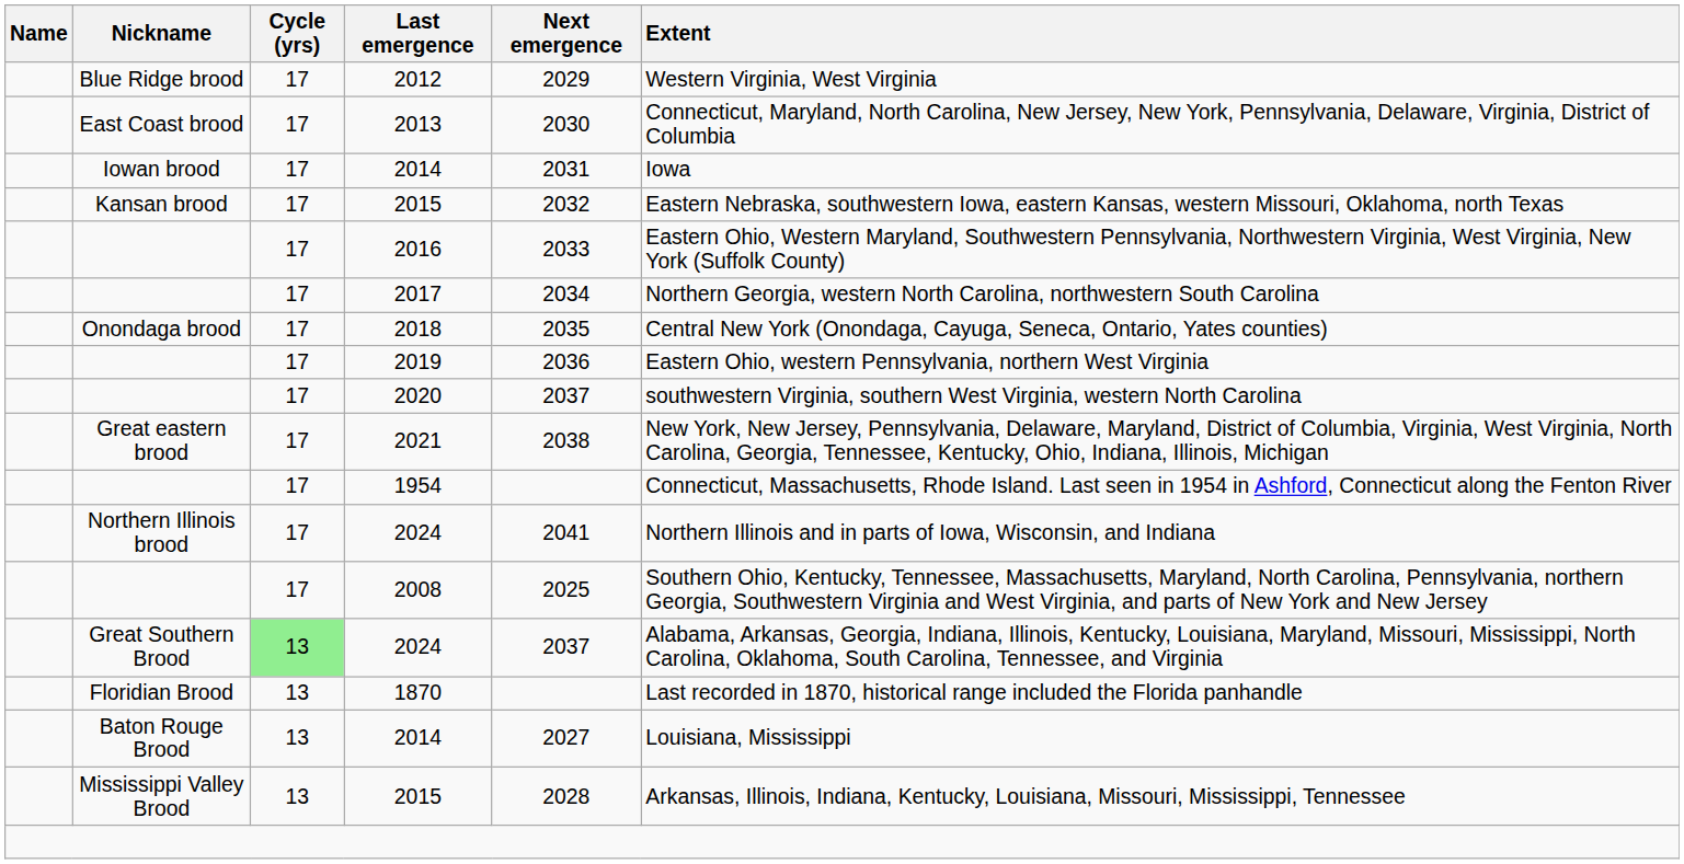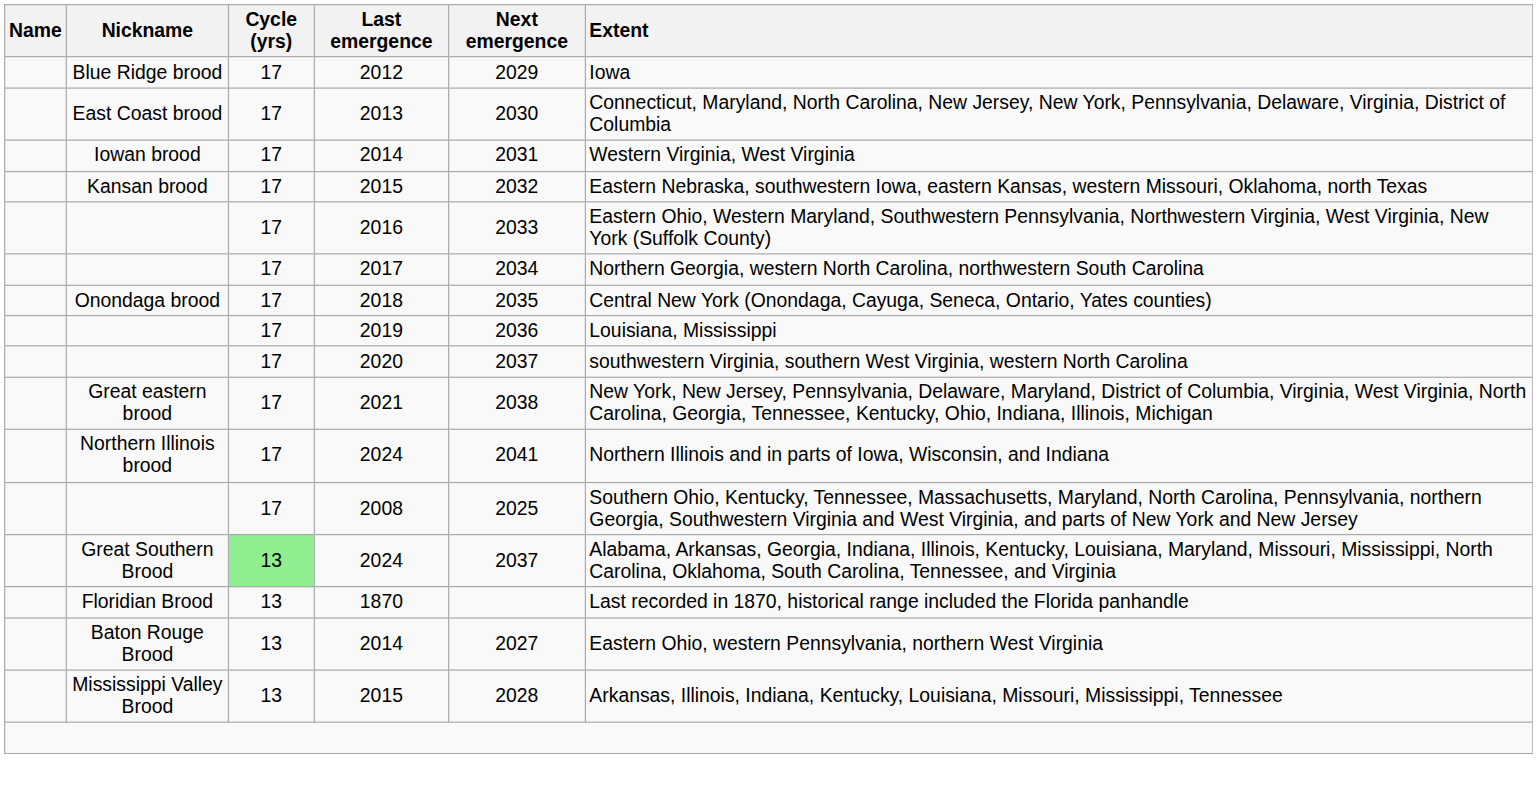 <table class="wikitable sortable" style="margin: 1em auto 1em auto; text-align:center;">
 <tr>
 <th style="mifn-width: 68px;">Name</th>
 <th style="mifn-width: 181px;">Nickname</th>
 <th style="mifn-width: 60px;">Cycle (yrs)</th>
 <th style="mifn-width: 101px;">Last emergence</th>
 <th style="mifn-width: 101px;">Next emergence</th>
 <th style="text-align:left;" class="unsortable">Extent</th>
 </tr>
 <tr>
 <td></td>
 <td>Blue Ridge brood</td>
 <td>17</td>
 <td>2012</td>
 <td>2029</td>
-<td style="text-align:left;">Western Virginia, West Virginia</td>
+<td style="text-align:left;">Iowa</td>
 </tr>
 <tr>
 <td></td>
 <td>East Coast brood</td>
 <td>17</td>
 <td>2013</td>
 <td>2030</td>
 <td style="text-align:left;">Connecticut, Maryland, North Carolina, New Jersey, New York, Pennsylvania, Delaware, Virginia, District of Columbia</td>
 </tr>
 <tr>
 <td></td>
 <td>Iowan brood</td>
 <td>17</td>
 <td>2014</td>
 <td>2031</td>
-<td style="text-align:left;">Iowa</td>
+<td style="text-align:left;">Western Virginia, West Virginia</td>
 </tr>
 <tr>
 <td></td>
 <td>Kansan brood</td>
 <td>17</td>
 <td>2015</td>
 <td>2032</td>
 <td style="text-align:left;">Eastern Nebraska, southwestern Iowa, eastern Kansas, western Missouri, Oklahoma, north Texas</td>
 </tr>
 <tr>
 <td></td>
 <td></td>
 <td>17</td>
 <td>2016</td>
 <td>2033</td>
 <td style="text-align:left;">Eastern Ohio, Western Maryland, Southwestern Pennsylvania, Northwestern Virginia, West Virginia, New York (Suffolk County)</td>
 </tr>
 <tr>
 <td></td>
 <td></td>
 <td>17</td>
 <td>2017</td>
 <td>2034</td>
 <td style="text-align:left;">Northern Georgia, western North Carolina, northwestern South Carolina</td>
 </tr>
 <tr>
 <td></td>
 <td>Onondaga brood</td>
 <td>17</td>
 <td>2018</td>
 <td>2035</td>
 <td style="text-align:left;">Central New York (Onondaga, Cayuga, Seneca, Ontario, Yates counties)</td>
 </tr>
 <tr>
 <td></td>
 <td></td>
 <td>17</td>
 <td>2019</td>
 <td>2036</td>
-<td style="text-align:left;">Eastern Ohio, western Pennsylvania, northern West Virginia</td>
+<td style="text-align:left;">Louisiana, Mississippi</td>
 </tr>
 <tr>
 <td></td>
 <td></td>
 <td>17</td>
 <td>2020</td>
 <td>2037</td>
 <td style="text-align:left;">southwestern Virginia, southern West Virginia, western North Carolina</td>
 </tr>
 <tr i>
 <td></td>
 <td>Great eastern brood</td>
 <td>17</td>
 <td>2021</td>
 <td>2038</td>
 <td style="text-align:left;">New York, New Jersey, Pennsylvania, Delaware, Maryland, District of Columbia, Virginia, West Virginia, North Carolina, Georgia, Tennessee, Kentucky, Ohio, Indiana, Illinois, Michigan</td>
-</tr>
-<tr>
-<td></td>
-<td></td>
-<td>17</td>
-<td>1954</td>
-<td></td>
-<td style="text-align:left;">Connecticut, Massachusetts, Rhode Island. Last seen in 1954 in <a href='#'>Ashford</a>, Connecticut along the Fenton River</td>
 </tr>
 <tr>
 <td></td>
 <td>Northern Illinois brood</td>
 <td>17</td>
 <td>2024</td>
 <td>2041</td>
 <td style="text-align:left;">Northern Illinois and in parts of Iowa, Wisconsin, and Indiana</td>
 </tr>
 <tr>
 <td></td>
 <td></td>
 <td>17</td>
 <td>2008</td>
 <td>2025</td>
 <td style="text-align:left;">Southern Ohio, Kentucky, Tennessee, Massachusetts, Maryland, North Carolina, Pennsylvania, northern Georgia, Southwestern Virginia and West Virginia, and parts of New York and New Jersey</td>
 </tr>
 <tr>
 <td></td>
 <td>Great Southern Brood</td>
 <td style="background: lightgreen;">13</td>
 <td>2024</td>
 <td>2037</td>
 <td style="text-align:left;">Alabama, Arkansas, Georgia, Indiana, Illinois, Kentucky, Louisiana, Maryland, Missouri, Mississippi, North Carolina, Oklahoma, South Carolina, Tennessee, and Virginia</td>
 </tr>
 <tr>
 <td></td>
 <td>Floridian Brood</td>
 <td>13</td>
 <td>1870</td>
 <td></td>
 <td style="text-align:left;">Last recorded in 1870, historical range included the Florida panhandle</td>
 </tr>
 <tr>
 <td></td>
 <td>Baton Rouge Brood</td>
 <td>13</td>
 <td>2014</td>
 <td>2027</td>
-<td style="text-align:left;">Louisiana, Mississippi</td>
+<td style="text-align:left;">Eastern Ohio, western Pennsylvania, northern West Virginia</td>
 </tr>
 <tr>
 <td></td>
 <td>Mississippi Valley Brood</td>
 <td>13</td>
 <td>2015</td>
 <td>2028</td>
 <td style="text-align:left;">Arkansas, Illinois, Indiana, Kentucky, Louisiana, Missouri, Mississippi, Tennessee</td>
 </tr>
 <tr class="sortbottom">
 <td colspan="6" style="text-align:left;"><br></td>
 </tr>
 </table>
